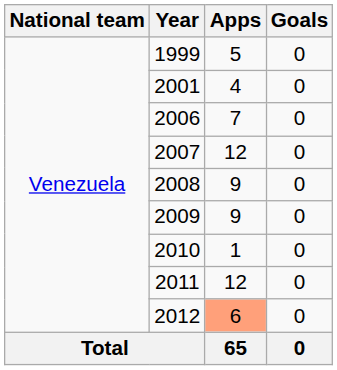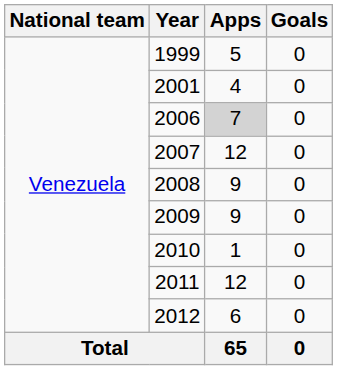 <table class="wikitable" style="text-align:center">
 <tr>
 <th>National team</th>
 <th>Year</th>
 <th>Apps</th>
 <th>Goals</th>
 </tr>
 <tr>
 <td rowspan="9"><a href='#'>Venezuela</a></td>
 <td>1999</td>
 <td>5</td>
 <td>0</td>
 </tr>
 <tr>
 <td>2001</td>
 <td>4</td>
 <td>0</td>
 </tr>
 <tr>
 <td>2006</td>
-<td>7</td>
+<td style="background: lightgrey;">7</td>
 <td>0</td>
 </tr>
 <tr>
 <td>2007</td>
 <td>12</td>
 <td>0</td>
 </tr>
 <tr>
 <td>2008</td>
 <td>9</td>
 <td>0</td>
 </tr>
 <tr>
 <td>2009</td>
 <td>9</td>
 <td>0</td>
 </tr>
 <tr>
 <td>2010</td>
 <td>1</td>
 <td>0</td>
 </tr>
 <tr>
 <td>2011</td>
 <td>12</td>
 <td>0</td>
 </tr>
 <tr>
 <td>2012</td>
-<td style="background: lightsalmon;">6</td>
+<td>6</td>
 <td>0</td>
 </tr>
 <tr>
 <th colspan="2">Total</th>
 <th>65</th>
 <th>0</th>
 </tr>
 </table>
